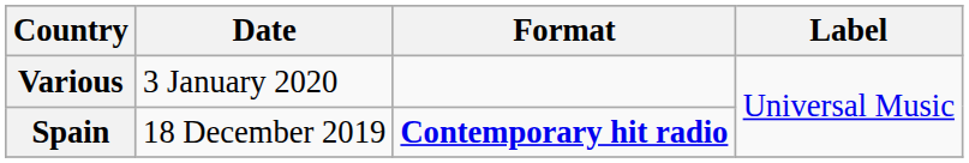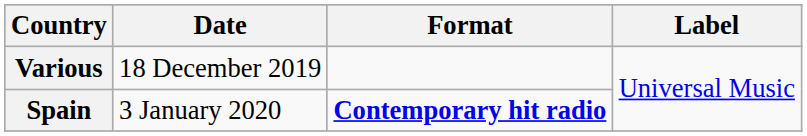 <table class="wikitable plainrowheaders">
 <tr>
 <th>Country</th>
 <th>Date</th>
 <th>Format</th>
 <th>Label</th>
 </tr>
 <tr>
 <th scope="row">Various</th>
-<td>3 January 2020</td>
+<td>18 December 2019</td>
 <td></td>
 <td rowspan="2"><a href='#'>Universal Music</a></td>
 </tr>
 <tr>
 <th scope="row">Spain</th>
-<td>18 December 2019</td>
+<td>3 January 2020</td>
 <td><strong><a href='#'>Contemporary hit radio</a></strong></td>
 </tr>
 </table>
